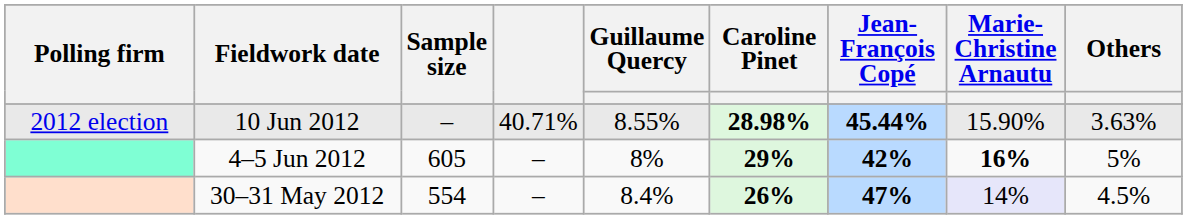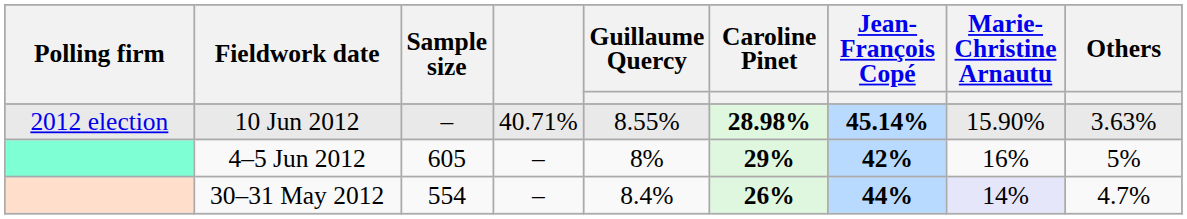 <table class="wikitable sortable" style="text-align:center;font-size:90%;line-height:14px;">
 <tr style="height:40px;">
 <th style="width:100px;" rowspan="2">Polling firm</th>
 <th style="width:110px;" rowspan="2">Fieldwork date</th>
 <th style="width:35px;" rowspan="2">Sample<br>size</th>
 <th style="width:30px;" rowspan="2"></th>
 <th class="unsortable" style="width:60px;">Guillaume Quercy<br></th>
 <th class="unsortable" style="width:60px;">Caroline Pinet<br></th>
 <th class="unsortable" style="width:60px;"><a href='#'>Jean-François Copé</a><br></th>
 <th class="unsortable" style="width:60px;"><a href='#'>Marie-Christine Arnautu</a><br></th>
 <th class="unsortable" style="width:60px;">Others</th>
 </tr>
 <tr>
 <th style="background:"></th>
 <th style="background:"></th>
 <th style="background:"></th>
 <th style="background:"></th>
 <th style="background:"></th>
 </tr>
 <tr style="background:#E9E9E9;">
 <td><a href='#'>2012 election</a></td>
 <td data-sort-value="2012-06-10">10 Jun 2012</td>
 <td>–</td>
 <td>40.71%</td>
 <td>8.55%</td>
 <td style="background:#DEF7DE;"><strong>28.98%</strong></td>
-<td style="background:#B9DAFF;"><strong>45.44%</strong></td>
+<td style="background:#B9DAFF;"><strong>45.14%</strong></td>
 <td>15.90%</td>
 <td>3.63%</td>
 </tr>
 <tr>
 <td style="background:aquamarine;"></td>
 <td data-sort-value="2012-06-05">4–5 Jun 2012</td>
 <td>605</td>
 <td>–</td>
 <td>8%</td>
 <td style="background:#DEF7DE;"><strong>29%</strong></td>
 <td style="background:#B9DAFF;"><strong>42%</strong></td>
-<td><strong>16%</strong></td>
+<td>16%</td>
 <td>5%</td>
 </tr>
 <tr>
 <td style="background:#FFDFCC;"></td>
 <td data-sort-value="2012-05-31">30–31 May 2012</td>
 <td>554</td>
 <td>–</td>
 <td>8.4%</td>
 <td style="background:#DEF7DE;"><strong>26%</strong></td>
-<td style="background:#B9DAFF;"><strong>47%</strong></td>
+<td style="background:#B9DAFF;"><strong>44%</strong></td>
 <td style="background: lavender;">14%</td>
-<td>4.5%</td>
+<td>4.7%</td>
 </tr>
 </table>
